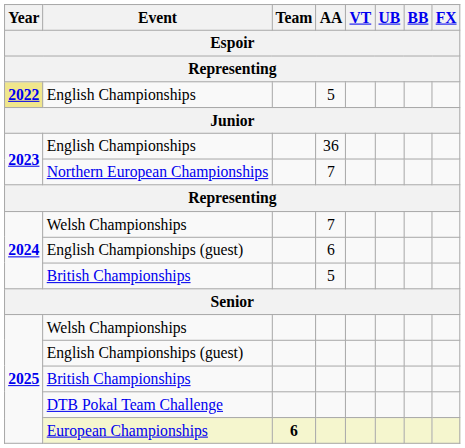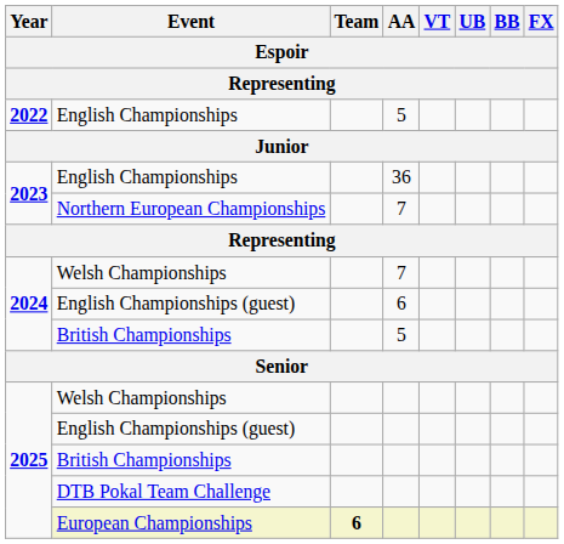 <table class="wikitable" style="text-align:center; font-size:95%;">
 <tr>
 <th>Year</th>
 <th>Event</th>
 <th>Team</th>
 <th>AA</th>
 <th><a href='#'>VT</a></th>
 <th><a href='#'>UB</a></th>
 <th><a href='#'>BB</a></th>
 <th><a href='#'>FX</a></th>
 </tr>
 <tr>
 <th colspan="8">Espoir</th>
 </tr>
 <tr>
 <th colspan="8">Representing   </th>
 </tr>
 <tr>
-<td style="background: khaki;"><strong><a href='#'>2022</a></strong></td>
+<td><strong><a href='#'>2022</a></strong></td>
 <td align=left>English Championships</td>
 <td></td>
 <td>5</td>
 <td></td>
 <td></td>
 <td></td>
 <td></td>
 </tr>
 <tr>
 <th colspan="8">Junior</th>
 </tr>
 <tr>
 <td rowspan="2"><strong><a href='#'>2023</a></strong></td>
 <td align=left>English Championships</td>
 <td></td>
 <td>36</td>
 <td></td>
 <td></td>
 <td></td>
 <td></td>
 </tr>
 <tr>
 <td align=left><a href='#'>Northern European Championships</a></td>
 <td></td>
 <td>7</td>
 <td></td>
 <td></td>
 <td></td>
 <td></td>
 </tr>
 <tr>
 <th colspan="8">Representing   </th>
 </tr>
 <tr>
 <td rowspan="3"><strong><a href='#'>2024</a></strong></td>
 <td align=left>Welsh Championships</td>
 <td></td>
 <td>7</td>
 <td></td>
 <td></td>
 <td></td>
 <td></td>
 </tr>
 <tr>
 <td align=left>English Championships (guest)</td>
 <td></td>
 <td>6</td>
 <td></td>
 <td></td>
 <td></td>
 <td></td>
 </tr>
 <tr>
 <td align=left><a href='#'>British Championships</a></td>
 <td></td>
 <td>5</td>
 <td></td>
 <td></td>
 <td></td>
 <td></td>
 </tr>
 <tr>
 <th colspan="8">Senior</th>
 </tr>
 <tr>
 <td rowspan="5"><strong><a href='#'>2025</a></strong></td>
 <td align=left>Welsh Championships</td>
 <td></td>
 <td></td>
 <td></td>
 <td></td>
 <td></td>
 <td></td>
 </tr>
 <tr>
 <td align=left>English Championships (guest)</td>
 <td></td>
 <td></td>
 <td></td>
 <td></td>
 <td></td>
 <td></td>
 </tr>
 <tr>
 <td align=left><a href='#'>British Championships</a></td>
 <td></td>
 <td></td>
 <td></td>
 <td></td>
 <td></td>
 <td></td>
 </tr>
 <tr>
 <td align=left><a href='#'>DTB Pokal Team Challenge</a></td>
 <td></td>
 <td></td>
 <td></td>
 <td></td>
 <td></td>
 <td></td>
 </tr>
 <tr style="background:#F5F6CE;">
 <td align="left"><a href='#'>European Championships</a></td>
 <td><strong>6</strong></td>
 <td></td>
 <td></td>
 <td></td>
 <td></td>
 <td></td>
 </tr>
 </table>
